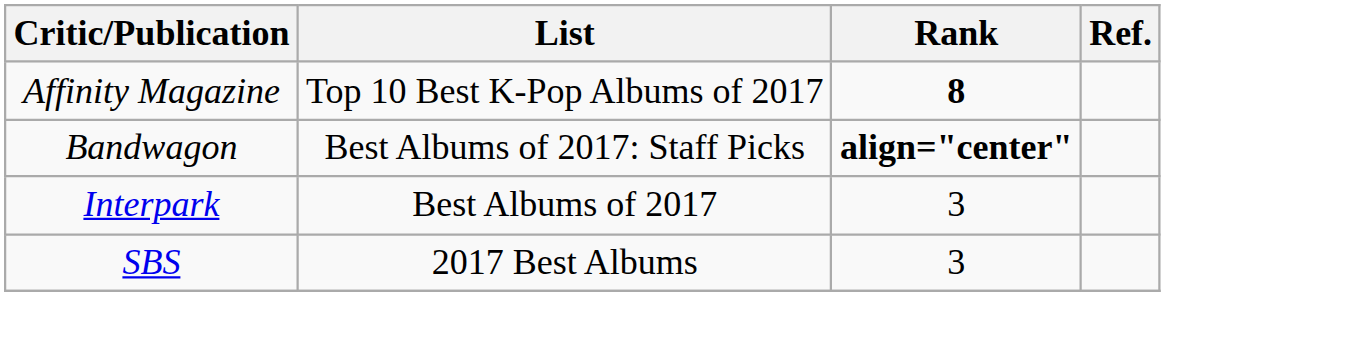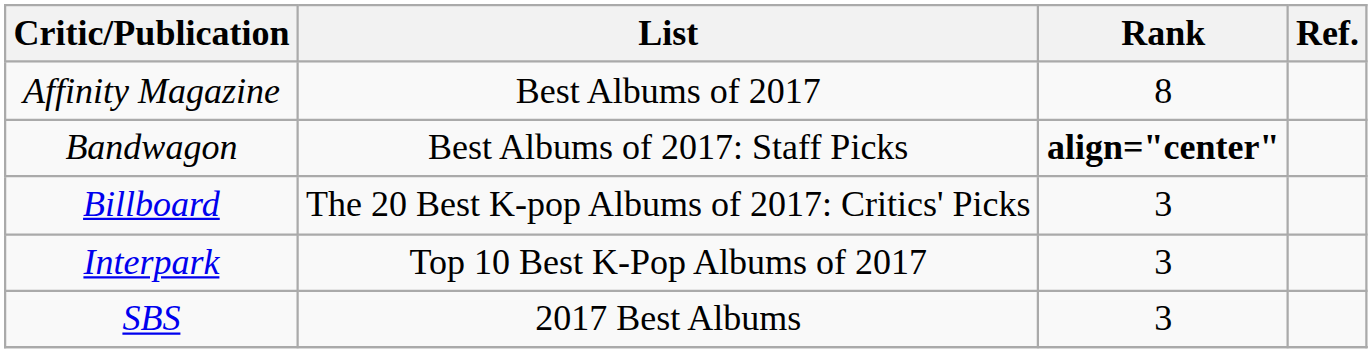 <table class="sortable wikitable">
 <tr>
 <th>Critic/Publication</th>
 <th>List</th>
 <th>Rank</th>
 <th>Ref.</th>
 </tr>
 <tr>
 <td align="center"><em>Affinity Magazine</em></td>
-<td align="center">Top 10 Best K-Pop Albums of 2017</td>
-<td align="center"><strong>8</strong></td>
+<td align="center">Best Albums of 2017</td>
+<td align="center">8</td>
 <td align="center"></td>
 </tr>
 <tr>
 <td align="center"><em>Bandwagon</em></td>
 <td align="center">Best Albums of 2017: Staff Picks</td>
 <td><strong>align="center" </strong></td>
 <td align="center"></td>
 </tr>
 <tr>
+<td align="center"><em><a href='#'>Billboard</a></em></td>
+<td align="center">The 20 Best K-pop Albums of 2017: Critics' Picks</td>
+<td align="center">3</td>
+<td align="center"></td>
+</tr>
+<tr>
 <td align="center"><em><a href='#'>Interpark</a></em></td>
-<td align="center">Best Albums of 2017</td>
+<td align="center">Top 10 Best K-Pop Albums of 2017</td>
 <td align="center">3</td>
 <td align="center"></td>
 </tr>
 <tr>
 <td align="center"><em><a href='#'>SBS</a></em></td>
 <td align="center">2017 Best Albums</td>
 <td align="center">3</td>
 <td align="center"></td>
 </tr>
 <tr>
 </tr>
 </table>
